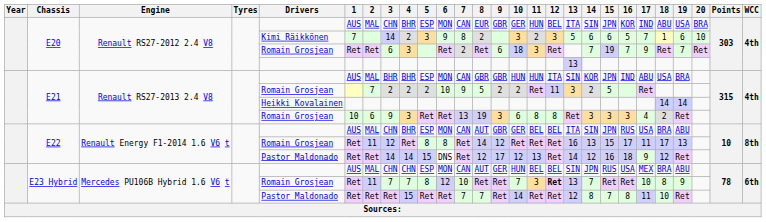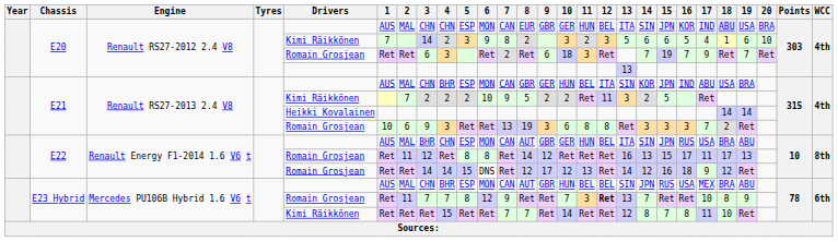 <table class="wikitable" style="text-align:center; font-size:85%;">
 <tr>
 <th>Year</th>
 <th>Chassis</th>
 <th>Engine</th>
 <th>Tyres</th>
 <th>Drivers</th>
 <th>1</th>
 <th>2</th>
 <th>3</th>
 <th>4</th>
 <th>5</th>
 <th>6</th>
 <th>7</th>
 <th>8</th>
 <th>9</th>
 <th>10</th>
 <th>11</th>
 <th>12</th>
 <th>13</th>
 <th>14</th>
 <th>15</th>
 <th>16</th>
 <th>17</th>
 <th>18</th>
 <th>19</th>
 <th>20</th>
 <th>Points</th>
 <th>WCC</th>
 </tr>
 <tr>
 <th rowspan="4"></th>
 <td rowspan="4"><a href='#'>E20</a></td>
 <td rowspan="4"><a href='#'>Renault</a> RS27-2012 2.4 <a href='#'>V8</a></td>
 <td rowspan="4"></td>
 <td></td>
 <td><a href='#'>AUS</a></td>
 <td><a href='#'>MAL</a></td>
 <td><a href='#'>CHN</a></td>
-<td><a href='#'>BHR</a></td>
+<td><a href='#'>CHN</a></td>
 <td><a href='#'>ESP</a></td>
 <td><a href='#'>MON</a></td>
 <td><a href='#'>CAN</a></td>
 <td><a href='#'>EUR</a></td>
 <td><a href='#'>GBR</a></td>
 <td><a href='#'>GER</a></td>
 <td><a href='#'>HUN</a></td>
 <td><a href='#'>BEL</a></td>
 <td><a href='#'>ITA</a></td>
 <td><a href='#'>SIN</a></td>
 <td><a href='#'>JPN</a></td>
 <td><a href='#'>KOR</a></td>
 <td><a href='#'>IND</a></td>
-<td><a href='#'>ABU</a></td>
+<td style="background: lavender;"><a href='#'>ABU</a></td>
 <td><a href='#'>USA</a></td>
 <td><a href='#'>BRA</a></td>
 <th rowspan="4">303</th>
 <th rowspan="4">4th</th>
 </tr>
 <tr>
 <td align="left"> <a href='#'>Kimi Räikkönen</a></td>
 <td style="background-color:#dfffdf">7</td>
 <td style="background-color:#dfffdf"></td>
 <td style="background-color:#cfcfff">14</td>
 <td style="background-color:#DFDFDF">2</td>
 <td style="background-color:#FFDF9F">3</td>
 <td style="background-color:#dfffdf">9</td>
 <td style="background-color:#dfffdf">8</td>
 <td style="background-color:#DFDFDF">2</td>
 <td style="background-color:#dfffdf"></td>
 <td style="background-color:#FFDF9F">3</td>
 <td style="background-color:#DFDFDF">2</td>
 <td style="background-color:#FFDF9F">3</td>
 <td style="background-color:#dfffdf">5</td>
 <td style="background-color:#dfffdf">6</td>
 <td style="background-color:#dfffdf">6</td>
 <td style="background-color:#dfffdf">5</td>
-<td style="background-color:#dfffdf">7</td>
+<td style="background-color:#dfffdf">4</td>
 <td style="background-color:#ffffbf">1</td>
 <td style="background-color:#dfffdf">6</td>
 <td style="background-color:#dfffdf">10</td>
 </tr>
 <tr>
 <td align="left"> <a href='#'>Romain Grosjean</a></td>
 <td style="background-color:#efcfff">Ret</td>
 <td style="background-color:#efcfff">Ret</td>
 <td style="background-color:#dfffdf">6</td>
 <td style="background-color:#FFDF9F">3</td>
 <td style="background-color:#dfffdf"></td>
 <td style="background-color:#efcfff">Ret</td>
 <td style="background-color:#DFDFDF">2</td>
 <td style="background-color:#efcfff">Ret</td>
 <td style="background-color:#dfffdf">6</td>
 <td style="background-color:#cfcfff">18</td>
 <td style="background-color:#FFDF9F">3</td>
 <td style="background-color:#efcfff">Ret</td>
 <td></td>
 <td style="background-color:#dfffdf">7</td>
 <td style="background-color:#cfcfff">19</td>
 <td style="background-color:#dfffdf">7</td>
 <td style="background-color:#dfffdf">9</td>
 <td style="background-color:#efcfff">Ret</td>
 <td style="background-color:#dfffdf">7</td>
 <td style="background-color:#efcfff">Ret</td>
 </tr>
 <tr>
 <td align="left"></td>
 <td></td>
 <td></td>
 <td></td>
 <td></td>
 <td></td>
 <td></td>
 <td></td>
 <td></td>
 <td></td>
 <td></td>
 <td></td>
 <td></td>
 <td style="background-color:#cfcfff">13</td>
 <td></td>
 <td></td>
 <td></td>
 <td></td>
 <td></td>
 <td></td>
 <td></td>
 </tr>
 <tr>
 <th rowspan="4"></th>
 <td rowspan="4"><a href='#'>E21</a></td>
 <td rowspan="4"><a href='#'>Renault</a> RS27-2013 2.4 <a href='#'>V8</a></td>
 <td rowspan="4"></td>
 <td></td>
 <td><a href='#'>AUS</a></td>
 <td><a href='#'>MAL</a></td>
-<td><a href='#'>BHR</a></td>
+<td><a href='#'>CHN</a></td>
 <td><a href='#'>BHR</a></td>
 <td><a href='#'>ESP</a></td>
 <td><a href='#'>MON</a></td>
 <td><a href='#'>CAN</a></td>
 <td><a href='#'>GBR</a></td>
-<td><a href='#'>GBR</a></td>
+<td><a href='#'>GER</a></td>
 <td><a href='#'>HUN</a></td>
-<td><a href='#'>HUN</a></td>
+<td><a href='#'>BEL</a></td>
 <td><a href='#'>ITA</a></td>
 <td><a href='#'>SIN</a></td>
 <td><a href='#'>KOR</a></td>
 <td><a href='#'>JPN</a></td>
 <td><a href='#'>IND</a></td>
 <td><a href='#'>ABU</a></td>
 <td><a href='#'>USA</a></td>
 <td><a href='#'>BRA</a></td>
 <td></td>
 <th rowspan="4">315</th>
 <th rowspan="4">4th</th>
 </tr>
 <tr>
-<td align="left"> <a href='#'>Romain Grosjean</a></td>
+<td align="left"> <a href='#'>Kimi Räikkönen</a></td>
 <td style="background-color:#ffffbf"></td>
 <td style="background-color:#dfffdf">7</td>
 <td style="background-color:#DFDFDF">2</td>
 <td style="background-color:#DFDFDF">2</td>
 <td style="background-color:#DFDFDF">2</td>
 <td style="background-color:#dfffdf">10</td>
 <td style="background-color:#dfffdf">9</td>
 <td style="background-color:#dfffdf">5</td>
 <td style="background-color:#DFDFDF">2</td>
 <td style="background-color:#DFDFDF">2</td>
 <td style="background-color:#efcfff">Ret</td>
 <td style="background-color:#cfcfff">11</td>
 <td style="background-color:#FFDF9F">3</td>
 <td style="background-color:#DFDFDF">2</td>
 <td style="background-color:#dfffdf">5</td>
 <td style="background-color:#dfffdf"></td>
 <td style="background-color:#efcfff">Ret</td>
 <td></td>
 <td></td>
 <td></td>
 </tr>
 <tr>
 <td align="left"> <a href='#'>Heikki Kovalainen</a></td>
 <td></td>
 <td></td>
 <td></td>
 <td></td>
 <td></td>
 <td></td>
 <td></td>
 <td></td>
 <td></td>
 <td></td>
 <td></td>
 <td></td>
 <td></td>
 <td></td>
 <td></td>
 <td></td>
 <td></td>
 <td style="background-color:#cfcfff">14</td>
 <td style="background-color:#cfcfff">14</td>
 <td></td>
 </tr>
 <tr>
 <td align="left"> <a href='#'>Romain Grosjean</a></td>
 <td style="background-color:#dfffdf">10</td>
 <td style="background-color:#dfffdf">6</td>
 <td style="background-color:#dfffdf">9</td>
 <td style="background-color:#FFDF9F">3</td>
 <td style="background-color:#efcfff">Ret</td>
 <td style="background-color:#efcfff">Ret</td>
 <td style="background-color:#cfcfff">13</td>
 <td style="background-color:#cfcfff">19</td>
 <td style="background-color:#FFDF9F">3</td>
 <td style="background-color:#dfffdf">6</td>
 <td style="background-color:#dfffdf">8</td>
 <td style="background-color:#dfffdf">8</td>
 <td style="background-color:#efcfff">Ret</td>
 <td style="background-color:#FFDF9F">3</td>
 <td style="background-color:#FFDF9F">3</td>
 <td style="background-color:#FFDF9F">3</td>
-<td style="background-color:#dfffdf">4</td>
+<td style="background-color:#dfffdf">7</td>
 <td style="background-color:#DFDFDF">2</td>
 <td style="background-color:#efcfff">Ret</td>
 <td></td>
 </tr>
 <tr>
 <th rowspan="3"></th>
 <td rowspan="3"><a href='#'>E22</a></td>
 <td rowspan="3"><a href='#'>Renault</a> Energy F1-2014 1.6 <a href='#'>V6</a> <a href='#'>t</a></td>
 <td rowspan="3"></td>
 <td></td>
 <td><a href='#'>AUS</a></td>
 <td><a href='#'>MAL</a></td>
+<td><a href='#'>BHR</a></td>
 <td><a href='#'>CHN</a></td>
-<td><a href='#'>BHR</a></td>
 <td><a href='#'>ESP</a></td>
 <td><a href='#'>MON</a></td>
 <td><a href='#'>CAN</a></td>
 <td><a href='#'>AUT</a></td>
 <td><a href='#'>GBR</a></td>
 <td><a href='#'>GER</a></td>
-<td><a href='#'>BEL</a></td>
+<td><a href='#'>HUN</a></td>
 <td><a href='#'>BEL</a></td>
 <td><a href='#'>ITA</a></td>
 <td><a href='#'>SIN</a></td>
 <td><a href='#'>JPN</a></td>
 <td><a href='#'>RUS</a></td>
 <td><a href='#'>USA</a></td>
 <td><a href='#'>BRA</a></td>
 <td><a href='#'>ABU</a></td>
 <td></td>
 <th rowspan="3">10</th>
 <th rowspan="3">8th</th>
 </tr>
 <tr>
 <td align="left"> <a href='#'>Romain Grosjean</a></td>
 <td style="background:#efcfff;">Ret</td>
 <td style="background:#cfcfff;">11</td>
 <td style="background:#cfcfff;">12</td>
 <td style="background:#efcfff;">Ret</td>
 <td style="background:#dfffdf;">8</td>
 <td style="background:#dfffdf;">8</td>
 <td style="background:#efcfff;">Ret</td>
 <td style="background:#cfcfff;">14</td>
 <td style="background:#cfcfff;">12</td>
 <td style="background:#efcfff;">Ret</td>
 <td style="background:#efcfff;">Ret</td>
 <td style="background:#efcfff;">Ret</td>
 <td style="background:#cfcfff;">16</td>
 <td style="background:#cfcfff;">13</td>
 <td style="background:#cfcfff;">15</td>
 <td style="background:#cfcfff;">17</td>
 <td style="background:#cfcfff;">11</td>
 <td style="background:#cfcfff;">17</td>
 <td style="background:#cfcfff;">13</td>
 <td></td>
 </tr>
 <tr>
-<td align="left"> <a href='#'>Pastor Maldonado</a></td>
+<td align="left"> <a href='#'>Romain Grosjean</a></td>
 <td style="background:#efcfff;">Ret</td>
 <td style="background:#efcfff;">Ret</td>
 <td style="background:#cfcfff;">14</td>
 <td style="background:#cfcfff;">14</td>
 <td style="background:#cfcfff;">15</td>
 <td style="background:#ffffff;">DNS</td>
 <td style="background:#efcfff;">Ret</td>
 <td style="background:#cfcfff;">12</td>
 <td style="background:#cfcfff;">17</td>
 <td style="background:#cfcfff;">12</td>
 <td style="background:#cfcfff;">13</td>
 <td style="background:#efcfff;">Ret</td>
 <td style="background:#cfcfff;">14</td>
 <td style="background:#cfcfff;">12</td>
 <td style="background:#cfcfff;">16</td>
 <td style="background:#cfcfff;">18</td>
 <td style="background:#dfffdf;">9</td>
 <td style="background:#cfcfff;">12</td>
 <td style="background:#efcfff;">Ret</td>
 <td></td>
 </tr>
 <tr>
 <th rowspan="3"></th>
 <td rowspan="3"><a href='#'>E23 Hybrid</a></td>
 <td rowspan="3"><a href='#'>Mercedes</a> PU106B Hybrid 1.6 <a href='#'>V6</a> <a href='#'>t</a></td>
 <td rowspan="3"></td>
 <td></td>
 <td><a href='#'>AUS</a></td>
 <td><a href='#'>MAL</a></td>
 <td><a href='#'>CHN</a></td>
-<td><a href='#'>CHN</a></td>
+<td><a href='#'>BHR</a></td>
 <td><a href='#'>ESP</a></td>
 <td><a href='#'>MON</a></td>
 <td><a href='#'>CAN</a></td>
 <td><a href='#'>AUT</a></td>
-<td><a href='#'>GER</a></td>
+<td><a href='#'>GBR</a></td>
 <td><a href='#'>HUN</a></td>
 <td><a href='#'>BEL</a></td>
 <td><a href='#'>BEL</a></td>
 <td><a href='#'>SIN</a></td>
 <td><a href='#'>JPN</a></td>
 <td><a href='#'>RUS</a></td>
 <td><a href='#'>USA</a></td>
 <td><a href='#'>MEX</a></td>
 <td><a href='#'>BRA</a></td>
 <td><a href='#'>ABU</a></td>
 <td></td>
 <th rowspan="3">78</th>
 <th rowspan="3">6th</th>
 </tr>
 <tr>
 <td align="left"> <a href='#'>Romain Grosjean</a></td>
 <td style="background-color:#efcfff">Ret</td>
 <td style="background-color:#cfcfff">11</td>
 <td style="background-color:#dfffdf">7</td>
 <td style="background-color:#dfffdf">7</td>
 <td style="background-color:#dfffdf">8</td>
 <td style="background-color:#cfcfff">12</td>
-<td style="background-color:#dfffdf">10</td>
+<td style="background-color:#dfffdf">9</td>
 <td style="background-color:#efcfff">Ret</td>
 <td style="background-color:#efcfff">Ret</td>
 <td style="background-color:#dfffdf">7</td>
 <td style="background-color:#ffdf9f">3</td>
 <td style="background-color:#efcfff"><strong>Ret</strong></td>
 <td style="background-color:#cfcfff">13</td>
 <td style="background-color:#dfffdf">7</td>
 <td style="background-color:#efcfff">Ret</td>
 <td style="background-color:#efcfff">Ret</td>
 <td style="background-color:#dfffdf">10</td>
 <td style="background-color:#dfffdf">8</td>
 <td style="background-color:#dfffdf">9</td>
 <td></td>
 </tr>
 <tr>
-<td align="left"> <a href='#'>Pastor Maldonado</a></td>
+<td align="left"> <a href='#'>Kimi Räikkönen</a></td>
 <td style="background-color:#efcfff">Ret</td>
 <td style="background-color:#efcfff">Ret</td>
 <td style="background-color:#efcfff">Ret</td>
 <td style="background-color:#cfcfff">15</td>
 <td style="background-color:#efcfff">Ret</td>
 <td style="background-color:#efcfff">Ret</td>
 <td style="background-color:#dfffdf">7</td>
 <td style="background-color:#dfffdf">7</td>
 <td style="background-color:#efcfff">Ret</td>
 <td style="background-color:#cfcfff">14</td>
 <td style="background-color:#efcfff">Ret</td>
 <td style="background-color:#efcfff">Ret</td>
 <td style="background-color:#cfcfff">12</td>
 <td style="background-color:#dfffdf">8</td>
 <td style="background-color:#dfffdf">7</td>
 <td style="background-color:#dfffdf">8</td>
 <td style="background-color:#cfcfff">11</td>
 <td style="background-color:#dfffdf">10</td>
 <td style="background-color:#efcfff">Ret</td>
 <td></td>
 </tr>
 <tr>
 <th colspan="27">Sources:</th>
 </tr>
 </table>
